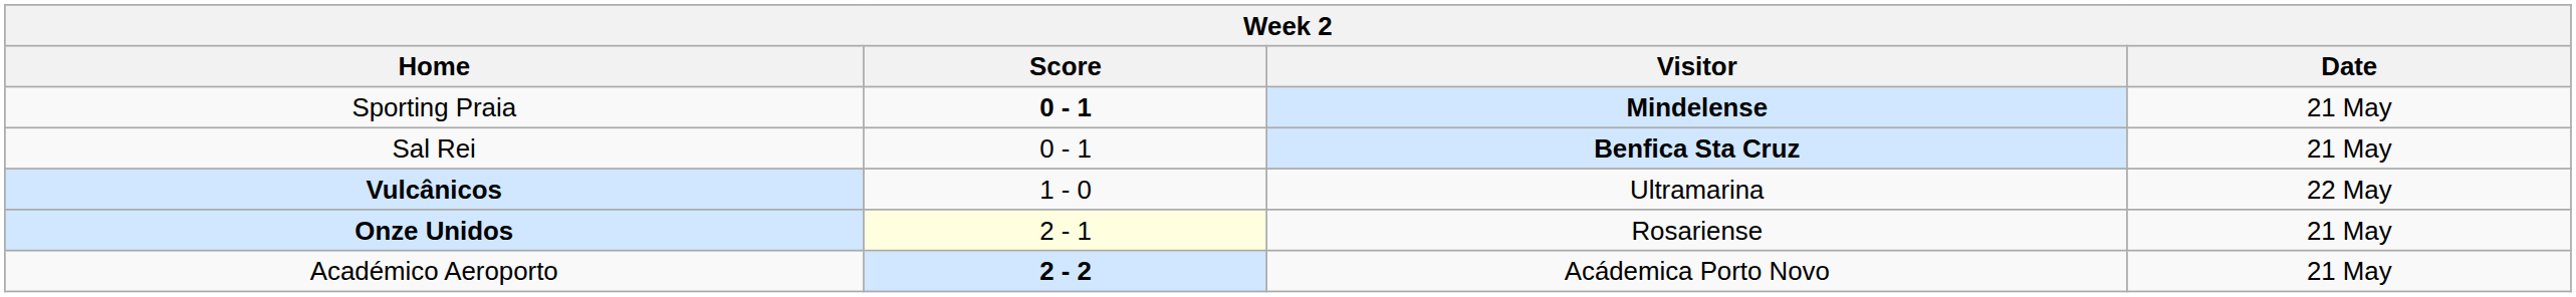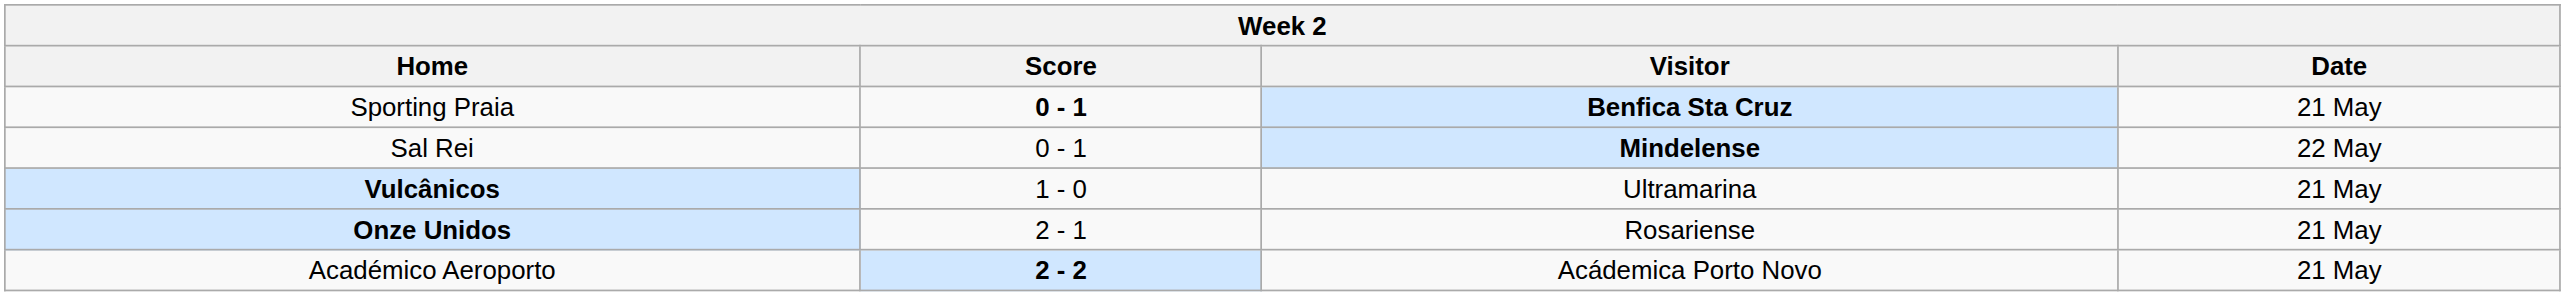 <table class="wikitable" style="margin:1em auto; font-size:95%; text-align: center; width: 95%;">
 <tr>
 <th colspan="12" style="with: 100%;" align=center>Week 2</th>
 </tr>
 <tr>
 <th width="200">Home</th>
 <th width="90">Score</th>
 <th width="200">Visitor</th>
 <th width="100">Date</th>
 </tr>
 <tr align=center>
 <td>Sporting Praia</td>
 <td><strong>0 - 1</strong></td>
-<td bgcolor=#D0E7FF><strong>Mindelense</strong></td>
+<td bgcolor=#D0E7FF><strong>Benfica Sta Cruz</strong></td>
 <td>21 May</td>
 </tr>
 <tr align=center>
 <td>Sal Rei</td>
 <td>0 - 1</td>
-<td bgcolor=#D0E7FF><strong>Benfica Sta Cruz</strong></td>
-<td>21 May</td>
+<td bgcolor=#D0E7FF><strong>Mindelense</strong></td>
+<td>22 May</td>
 </tr>
 <tr align=center>
 <td bgcolor=#D0E7FF><strong>Vulcânicos</strong></td>
 <td>1 - 0</td>
 <td>Ultramarina</td>
-<td>22 May</td>
+<td>21 May</td>
 </tr>
 <tr align=center>
 <td bgcolor=#D0E7FF><strong>Onze Unidos</strong></td>
-<td style="background: lightyellow;">2 - 1</td>
+<td>2 - 1</td>
 <td>Rosariense</td>
 <td>21 May</td>
 </tr>
 <tr align=center>
 <td>Académico Aeroporto</td>
 <td bgcolor=#D0E7FF><strong>2 - 2</strong></td>
 <td>Acádemica Porto Novo</td>
 <td>21 May</td>
 </tr>
 </table>
